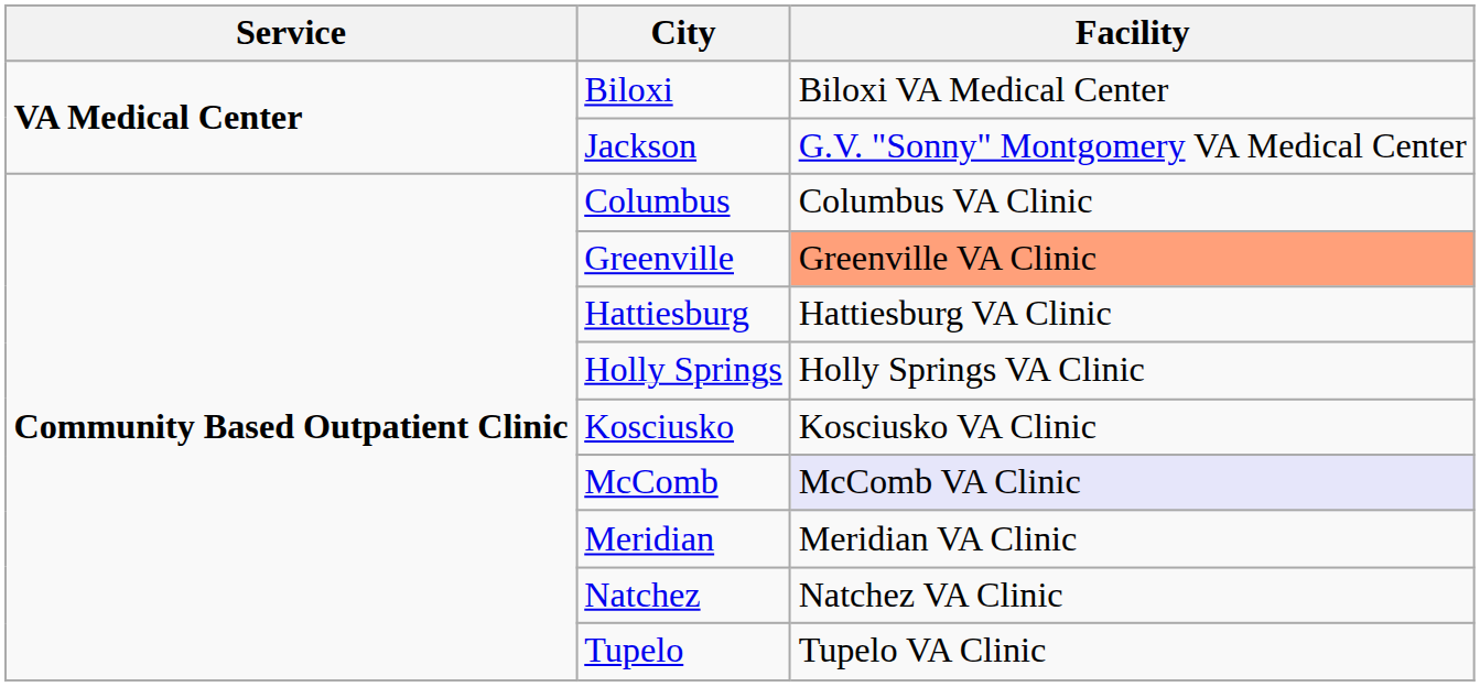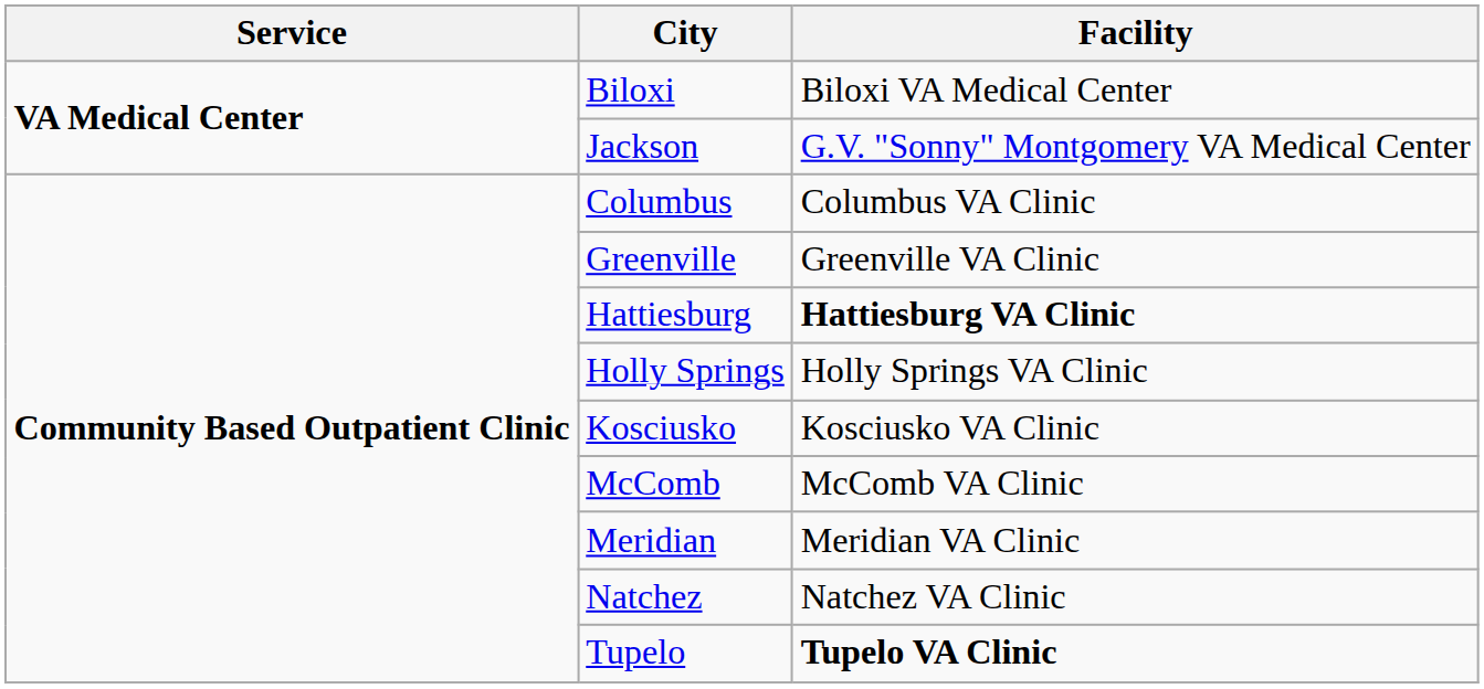 <table class="wikitable">
 <tr>
 <th>Service</th>
 <th>City</th>
 <th>Facility</th>
 </tr>
 <tr>
 <td rowspan=2><strong>VA Medical Center</strong></td>
 <td><a href='#'>Biloxi</a></td>
 <td>Biloxi VA Medical Center</td>
 </tr>
 <tr>
 <td><a href='#'>Jackson</a></td>
 <td><a href='#'>G.V. "Sonny" Montgomery</a> VA Medical Center</td>
 </tr>
 <tr>
 <td rowspan=9><strong>Community Based Outpatient Clinic</strong></td>
 <td><a href='#'>Columbus</a></td>
 <td>Columbus VA Clinic</td>
 </tr>
 <tr>
 <td><a href='#'>Greenville</a></td>
-<td style="background: lightsalmon;">Greenville VA Clinic</td>
+<td>Greenville VA Clinic</td>
 </tr>
 <tr>
 <td><a href='#'>Hattiesburg</a></td>
-<td>Hattiesburg VA Clinic</td>
+<td><strong>Hattiesburg VA Clinic</strong></td>
 </tr>
 <tr>
 <td><a href='#'>Holly Springs</a></td>
 <td>Holly Springs VA Clinic</td>
 </tr>
 <tr>
 <td><a href='#'>Kosciusko</a></td>
 <td>Kosciusko VA Clinic</td>
 </tr>
 <tr>
 <td><a href='#'>McComb</a></td>
-<td style="background: lavender;">McComb VA Clinic</td>
+<td>McComb VA Clinic</td>
 </tr>
 <tr>
 <td><a href='#'>Meridian</a></td>
 <td>Meridian VA Clinic</td>
 </tr>
 <tr>
 <td><a href='#'>Natchez</a></td>
 <td>Natchez VA Clinic</td>
 </tr>
 <tr>
 <td><a href='#'>Tupelo</a></td>
-<td>Tupelo VA Clinic</td>
+<td><strong>Tupelo VA Clinic</strong></td>
 </tr>
 </table>
